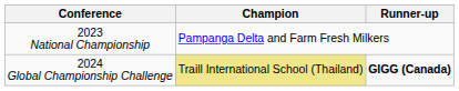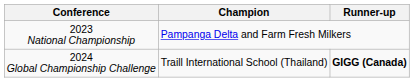 <table class="wikitable">
 <tr>
 <th>Conference</th>
 <th>Champion</th>
 <th>Runner-up</th>
 </tr>
 <tr>
 <td align=center>2023 <br> <em>National Championship</em></td>
 <td colspan="3"><a href='#'>Pampanga Delta</a> and Farm Fresh Milkers</td>
 </tr>
 <tr>
 <td align=center>2024 <br> <em>Global Championship Challenge</em></td>
-<td style="background: khaki;">Traill International School (Thailand)</td>
+<td>Traill International School (Thailand)</td>
 <td><strong>GIGG (Canada)</strong></td>
 </tr>
 </table>
